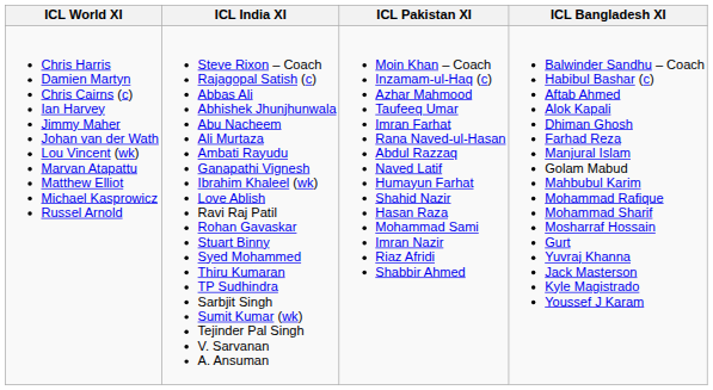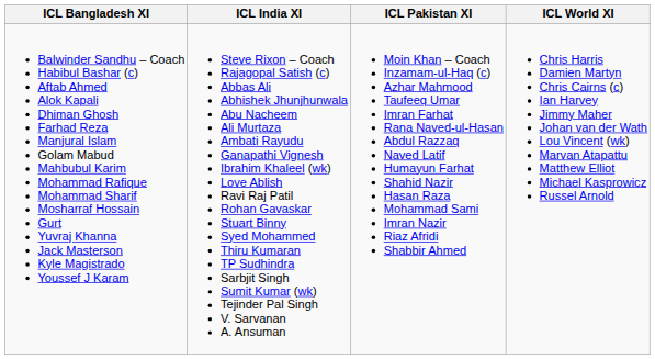 <table class="wikitable">
 <tr>
-<th>ICL World XI</th>
+<th>ICL Bangladesh XI</th>
 <th>ICL India XI</th>
 <th>ICL Pakistan XI</th>
-<th>ICL Bangladesh XI</th>
+<th>ICL World XI</th>
 </tr>
 <tr>
-<td valign=top><br><ul><li><a href='#'>Chris Harris</a></li><li><a href='#'>Damien Martyn</a></li><li><a href='#'>Chris Cairns</a> (<a href='#'>c</a>)</li><li><a href='#'>Ian Harvey</a></li><li><a href='#'>Jimmy Maher</a></li><li><a href='#'>Johan van der Wath</a></li><li><a href='#'>Lou Vincent</a> (<a href='#'>wk</a>)</li><li><a href='#'>Marvan Atapattu</a></li><li><a href='#'>Matthew Elliot</a></li><li><a href='#'>Michael Kasprowicz</a></li><li><a href='#'>Russel Arnold</a></li></ul></td>
+<td valign=top><br><ul><li><a href='#'>Balwinder Sandhu</a> – Coach</li><li><a href='#'>Habibul Bashar</a> (<a href='#'>c</a>)</li><li><a href='#'>Aftab Ahmed</a></li><li><a href='#'>Alok Kapali</a></li><li><a href='#'>Dhiman Ghosh</a></li><li><a href='#'>Farhad Reza</a></li><li><a href='#'>Manjural Islam</a></li><li>Golam Mabud</li><li><a href='#'>Mahbubul Karim</a></li><li><a href='#'>Mohammad Rafique</a></li><li><a href='#'>Mohammad Sharif</a></li><li><a href='#'>Mosharraf Hossain</a></li><li><a href='#'>Gurt</a></li><li><a href='#'>Yuvraj Khanna</a></li><li><a href='#'>Jack Masterson</a></li><li><a href='#'>Kyle Magistrado</a></li><li><a href='#'>Youssef J Karam</a></li></ul></td>
 <td valign=top><br><ul><li><a href='#'>Steve Rixon</a> – Coach</li><li><a href='#'>Rajagopal Satish</a> (<a href='#'>c</a>)</li><li><a href='#'>Abbas Ali</a></li><li><a href='#'>Abhishek Jhunjhunwala</a></li><li><a href='#'>Abu Nacheem</a></li><li><a href='#'>Ali Murtaza</a></li><li><a href='#'>Ambati Rayudu</a></li><li><a href='#'>Ganapathi Vignesh</a></li><li><a href='#'>Ibrahim Khaleel</a> (<a href='#'>wk</a>)</li><li><a href='#'>Love Ablish</a></li><li>Ravi Raj Patil</li><li><a href='#'>Rohan Gavaskar</a></li><li><a href='#'>Stuart Binny</a></li><li><a href='#'>Syed Mohammed</a></li><li><a href='#'>Thiru Kumaran</a></li><li><a href='#'>TP Sudhindra</a></li><li>Sarbjit Singh</li><li><a href='#'>Sumit Kumar</a> (<a href='#'>wk</a>)</li><li>Tejinder Pal Singh</li><li>V. Sarvanan</li><li>A. Ansuman</li></ul></td>
 <td valign=top><br><ul><li><a href='#'>Moin Khan</a> – Coach</li><li><a href='#'>Inzamam-ul-Haq</a> (<a href='#'>c</a>)</li><li><a href='#'>Azhar Mahmood</a></li><li><a href='#'>Taufeeq Umar</a></li><li><a href='#'>Imran Farhat</a></li><li><a href='#'>Rana Naved-ul-Hasan</a></li><li><a href='#'>Abdul Razzaq</a></li><li><a href='#'>Naved Latif</a></li><li><a href='#'>Humayun Farhat</a></li><li><a href='#'>Shahid Nazir</a></li><li><a href='#'>Hasan Raza</a></li><li><a href='#'>Mohammad Sami</a></li><li><a href='#'>Imran Nazir</a></li><li><a href='#'>Riaz Afridi</a></li><li><a href='#'>Shabbir Ahmed</a></li></ul></td>
-<td valign=top><br><ul><li><a href='#'>Balwinder Sandhu</a> – Coach</li><li><a href='#'>Habibul Bashar</a> (<a href='#'>c</a>)</li><li><a href='#'>Aftab Ahmed</a></li><li><a href='#'>Alok Kapali</a></li><li><a href='#'>Dhiman Ghosh</a></li><li><a href='#'>Farhad Reza</a></li><li><a href='#'>Manjural Islam</a></li><li>Golam Mabud</li><li><a href='#'>Mahbubul Karim</a></li><li><a href='#'>Mohammad Rafique</a></li><li><a href='#'>Mohammad Sharif</a></li><li><a href='#'>Mosharraf Hossain</a></li><li><a href='#'>Gurt</a></li><li><a href='#'>Yuvraj Khanna</a></li><li><a href='#'>Jack Masterson</a></li><li><a href='#'>Kyle Magistrado</a></li><li><a href='#'>Youssef J Karam</a></li></ul></td>
+<td valign=top><br><ul><li><a href='#'>Chris Harris</a></li><li><a href='#'>Damien Martyn</a></li><li><a href='#'>Chris Cairns</a> (<a href='#'>c</a>)</li><li><a href='#'>Ian Harvey</a></li><li><a href='#'>Jimmy Maher</a></li><li><a href='#'>Johan van der Wath</a></li><li><a href='#'>Lou Vincent</a> (<a href='#'>wk</a>)</li><li><a href='#'>Marvan Atapattu</a></li><li><a href='#'>Matthew Elliot</a></li><li><a href='#'>Michael Kasprowicz</a></li><li><a href='#'>Russel Arnold</a></li></ul></td>
 </tr>
 </table>
